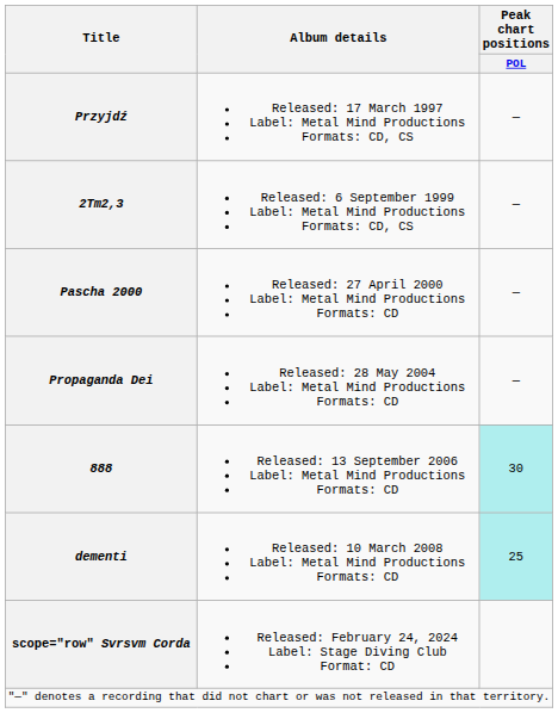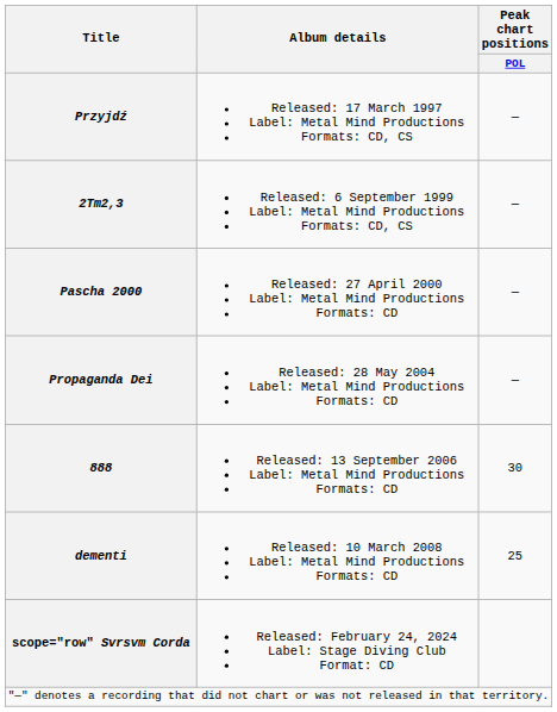 <table class="wikitable plainrowheaders" style="text-align:center;">
 <tr>
 <th scope="col" rowspan="2" style="width:15em;">Title</th>
 <th scope="col" rowspan="2">Album details</th>
 <th scope="col" colspan="1">Peak chart positions</th>
 </tr>
 <tr>
 <th scope="col" style="width:3em;font-size:90%;"><a href='#'>POL</a><br></th>
 </tr>
 <tr>
 <th scope="row"><em>Przyjdź</em></th>
 <td><br><ul><li>Released: 17 March 1997</li><li>Label: Metal Mind Productions</li><li>Formats: CD, CS</li></ul></td>
 <td>—</td>
 </tr>
 <tr>
 <th scope="row"><em>2Tm2,3</em></th>
 <td><br><ul><li>Released: 6 September 1999</li><li>Label: Metal Mind Productions</li><li>Formats: CD, CS</li></ul></td>
 <td>—</td>
 </tr>
 <tr>
 <th scope="row"><em>Pascha 2000</em></th>
 <td><br><ul><li>Released: 27 April 2000</li><li>Label: Metal Mind Productions</li><li>Formats: CD</li></ul></td>
 <td>—</td>
 </tr>
 <tr>
 <th scope="row"><em>Propaganda Dei</em></th>
 <td><br><ul><li>Released: 28 May 2004</li><li>Label: Metal Mind Productions</li><li>Formats: CD</li></ul></td>
 <td>—</td>
 </tr>
 <tr>
 <th scope="row"><em>888</em></th>
 <td><br><ul><li>Released: 13 September 2006</li><li>Label: Metal Mind Productions</li><li>Formats: CD</li></ul></td>
-<td style="background: paleturquoise;">30</td>
+<td>30</td>
 </tr>
 <tr>
 <th scope="row"><em>dementi</em></th>
 <td><br><ul><li>Released: 10 March 2008</li><li>Label: Metal Mind Productions</li><li>Formats: CD</li></ul></td>
-<td style="background: paleturquoise;">25</td>
+<td>25</td>
 </tr>
 <tr>
 <th>scope="row" <em>Svrsvm Corda</em></th>
 <td><br><ul><li>Released: February 24, 2024</li><li>Label: Stage Diving Club</li><li>Format: CD</li></ul></td>
 <td></td>
 </tr>
 <tr>
 <td colspan="10" style="font-size:90%">"—" denotes a recording that did not chart or was not released in that territory.</td>
 </tr>
 </table>
